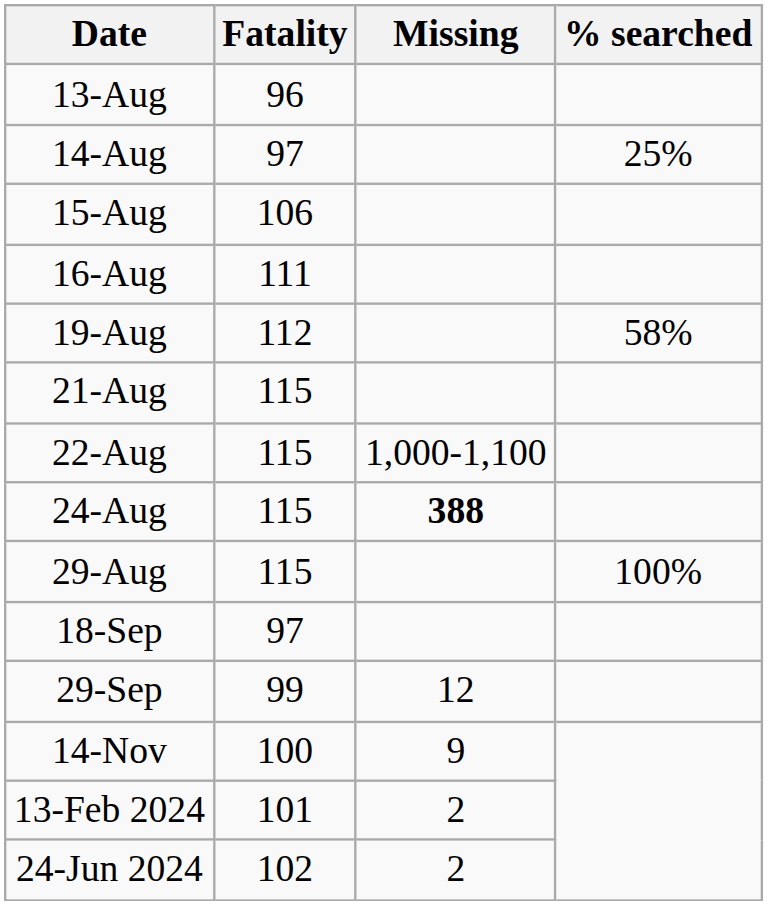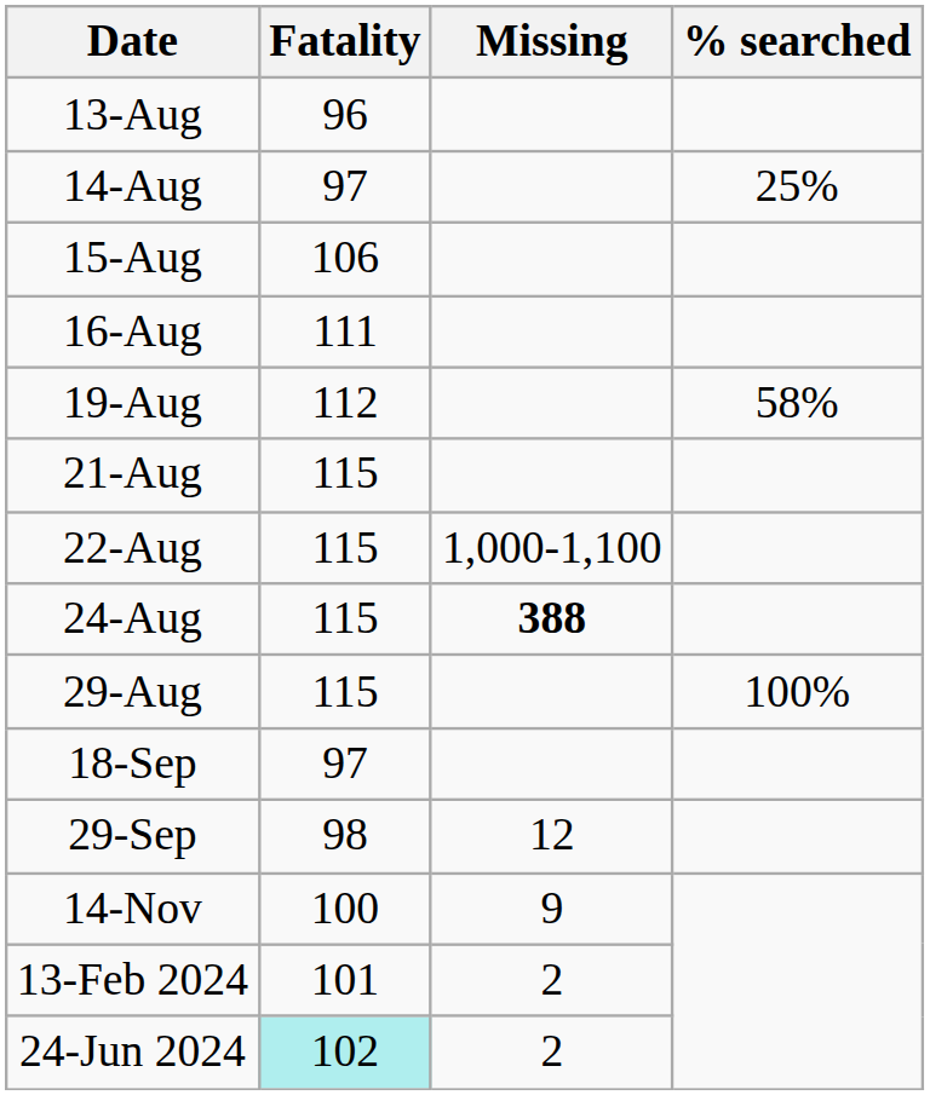 <table class="wikitable floatright" style="align:right;text-align:center;">
 <tr>
 <th>Date</th>
 <th>Fatality</th>
 <th>Missing</th>
 <th>% searched</th>
 </tr>
 <tr>
 <td>13-Aug</td>
 <td>96</td>
 <td></td>
 <td></td>
 </tr>
 <tr>
 <td>14-Aug</td>
 <td>97</td>
 <td></td>
 <td>25%</td>
 </tr>
 <tr>
 <td>15-Aug</td>
 <td>106</td>
 <td></td>
 <td></td>
 </tr>
 <tr>
 <td>16-Aug</td>
 <td>111</td>
 <td></td>
 <td></td>
 </tr>
 <tr>
 <td>19-Aug</td>
 <td>112</td>
 <td></td>
 <td>58%</td>
 </tr>
 <tr>
 <td>21-Aug</td>
 <td>115</td>
 <td></td>
 <td></td>
 </tr>
 <tr>
 <td>22-Aug</td>
 <td>115</td>
 <td>1,000-1,100</td>
 <td></td>
 </tr>
 <tr>
 <td>24-Aug</td>
 <td>115</td>
 <td><strong>388</strong></td>
 <td></td>
 </tr>
 <tr>
 <td>29-Aug</td>
 <td>115</td>
 <td></td>
 <td>100%</td>
 </tr>
 <tr>
 <td>18-Sep</td>
 <td>97</td>
 <td></td>
 </tr>
 <tr>
 <td>29-Sep</td>
-<td>99</td>
+<td>98</td>
 <td>12</td>
 <td></td>
 </tr>
 <tr>
 <td>14-Nov</td>
 <td>100</td>
 <td>9</td>
 </tr>
 <tr>
 <td>13-Feb 2024</td>
 <td>101</td>
 <td>2</td>
 </tr>
 <tr>
 <td>24-Jun 2024</td>
-<td>102</td>
+<td style="background: paleturquoise;">102</td>
 <td>2</td>
 </tr>
 </table>
